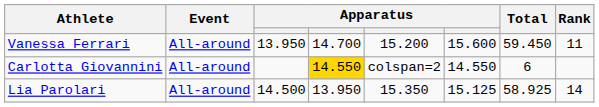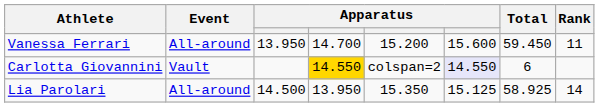 <table class="wikitable" style="font-size:90%">
 <tr>
 <th rowspan=2>Athlete</th>
 <th rowspan=2>Event</th>
 <th colspan =4>Apparatus</th>
 <th rowspan=2>Total</th>
 <th rowspan=2>Rank</th>
 </tr>
 <tr style="font-size:95%">
 <th></th>
 <th></th>
 <th></th>
 <th></th>
 </tr>
 <tr align=center>
 <td align=left><a href='#'>Vanessa Ferrari</a></td>
 <td align=left><a href='#'>All-around</a></td>
 <td>13.950</td>
 <td>14.700</td>
 <td>15.200</td>
 <td>15.600</td>
 <td>59.450</td>
 <td>11</td>
 </tr>
 <tr align=center>
 <td align=left><a href='#'>Carlotta Giovannini</a></td>
-<td align=left><a href='#'>All-around</a></td>
+<td align=left><a href='#'>Vault</a></td>
 <td></td>
 <td style="background: gold;">14.550</td>
 <td>colspan=2 </td>
-<td>14.550</td>
+<td style="background: lavender;">14.550</td>
 <td>6</td>
 </tr>
 <tr align=center>
 <td align=left><a href='#'>Lia Parolari</a></td>
 <td align=left><a href='#'>All-around</a></td>
 <td>14.500</td>
 <td>13.950</td>
 <td>15.350</td>
 <td>15.125</td>
 <td>58.925</td>
 <td>14</td>
 </tr>
 </table>
